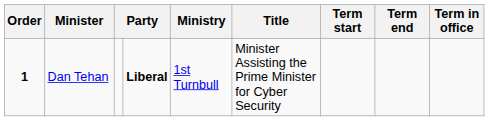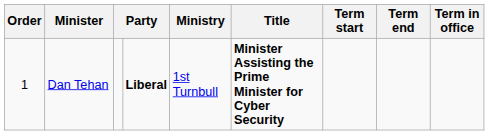 <table class="wikitable">
 <tr>
 <th width=5>Order</th>
 <th width=150>Minister</th>
 <th width=120 colspan=2>Party</th>
 <th width=105>Ministry</th>
 <th width=250>Title</th>
 <th width=150>Term start</th>
 <th width=150>Term end</th>
 <th width=130>Term in office</th>
 </tr>
 <tr>
-<td align=center><strong>1</strong></td>
+<td align=center>1</td>
 <td><a href='#'>Dan Tehan</a></td>
 <td> </td>
 <td><strong>Liberal</strong></td>
 <td><a href='#'>1st Turnbull</a></td>
-<td>Minister Assisting the Prime Minister for Cyber Security</td>
+<td><strong>Minister Assisting the Prime Minister for Cyber Security</strong></td>
 <td align=center></td>
 <td align=center></td>
 <td align=right><strong></strong></td>
 </tr>
 </table>
